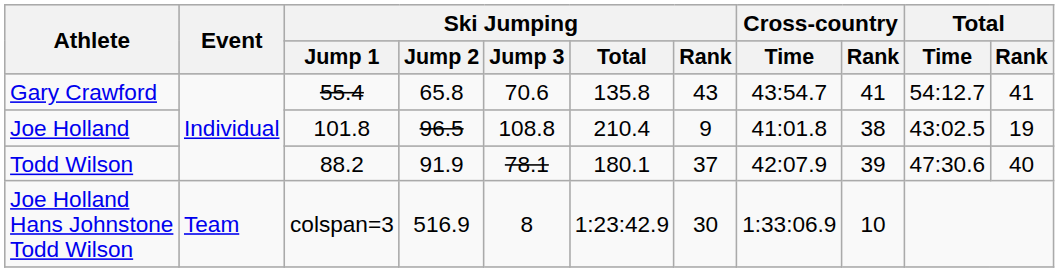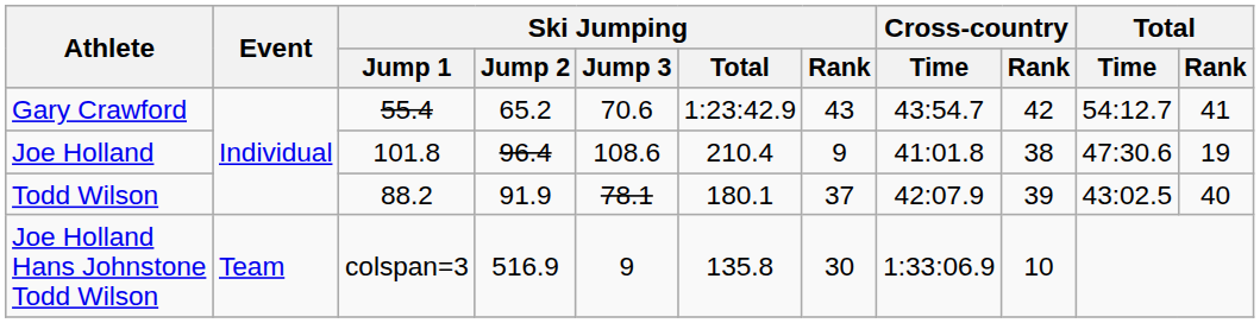 <table class=wikitable style=font-size:90%;text-align:center>
 <tr>
 <th rowspan=2>Athlete</th>
 <th rowspan=2>Event</th>
 <th colspan=5>Ski Jumping</th>
 <th colspan=2>Cross-country</th>
 <th colspan=2>Total</th>
 </tr>
 <tr style=font-size:95%>
 <th>Jump 1</th>
 <th>Jump 2</th>
 <th>Jump 3</th>
 <th>Total</th>
 <th>Rank</th>
 <th>Time</th>
 <th>Rank</th>
 <th>Time</th>
 <th>Rank</th>
 </tr>
 <tr>
 <td align=left><a href='#'>Gary Crawford</a></td>
 <td align=left rowspan=3><a href='#'>Individual</a></td>
 <td><s>55.4</s></td>
-<td>65.8</td>
+<td>65.2</td>
 <td>70.6</td>
-<td>135.8</td>
+<td>1:23:42.9</td>
 <td>43</td>
 <td>43:54.7</td>
-<td>41</td>
+<td>42</td>
 <td>54:12.7</td>
 <td>41</td>
 </tr>
 <tr>
 <td align=left><a href='#'>Joe Holland</a></td>
 <td>101.8</td>
-<td><s>96.5</s></td>
-<td>108.8</td>
+<td><s>96.4</s></td>
+<td>108.6</td>
 <td>210.4</td>
 <td>9</td>
 <td>41:01.8</td>
 <td>38</td>
-<td>43:02.5</td>
+<td>47:30.6</td>
 <td>19</td>
 </tr>
 <tr>
 <td align=left><a href='#'>Todd Wilson</a></td>
 <td>88.2</td>
 <td>91.9</td>
 <td><s>78.1</s></td>
 <td>180.1</td>
 <td>37</td>
 <td>42:07.9</td>
 <td>39</td>
-<td>47:30.6</td>
+<td>43:02.5</td>
 <td>40</td>
 </tr>
 <tr>
 <td align=left><a href='#'>Joe Holland</a><br><a href='#'>Hans Johnstone</a><br><a href='#'>Todd Wilson</a></td>
 <td align=left><a href='#'>Team</a></td>
 <td>colspan=3 </td>
 <td>516.9</td>
-<td>8</td>
-<td>1:23:42.9</td>
+<td>9</td>
+<td>135.8</td>
 <td>30</td>
 <td>1:33:06.9</td>
 <td>10</td>
 </tr>
 </table>
